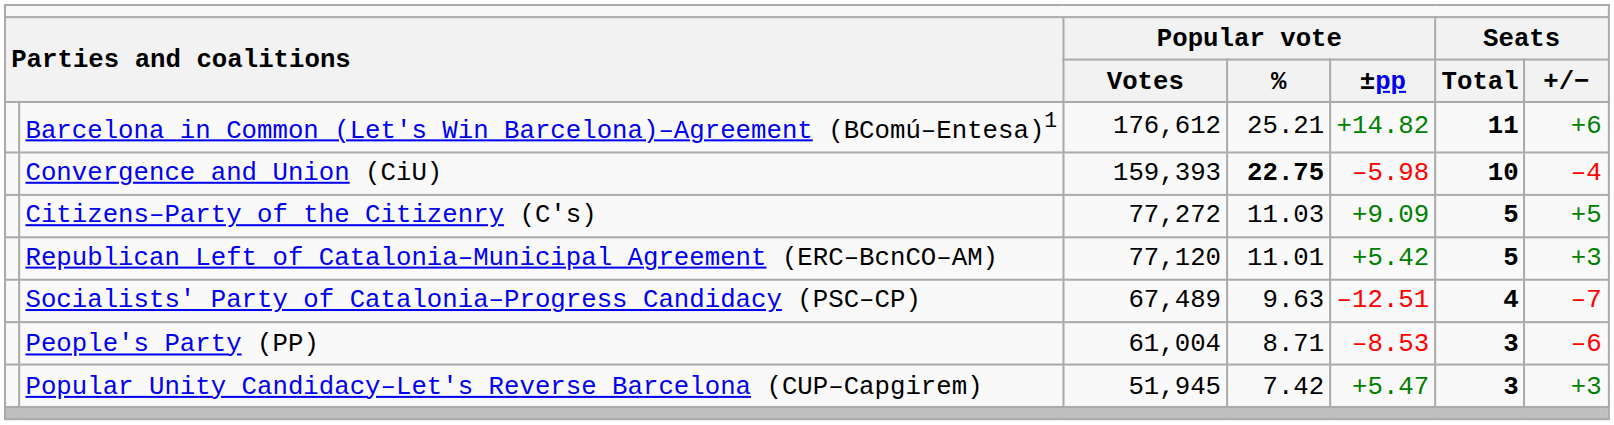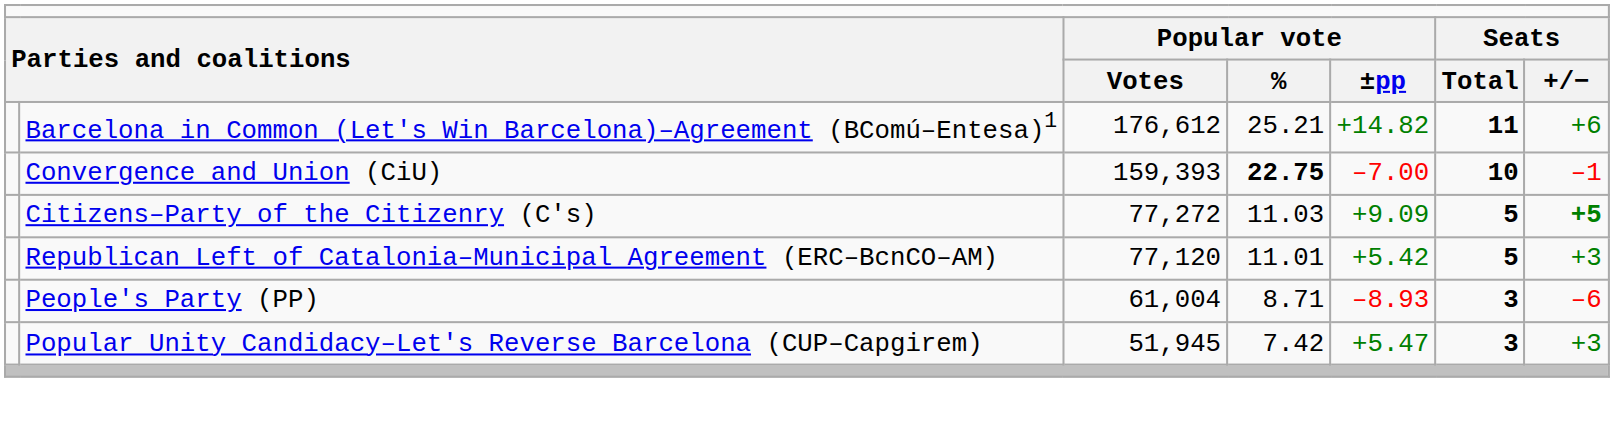 <table class="wikitable" style="text-align:right; font-size:98%; margin-bottom:0">
 <tr>
 <td colspan="7"></td>
 </tr>
 <tr>
 <th style="text-align:left;" rowspan="2" colspan="2" width="500">Parties and coalitions</th>
 <th colspan="3">Popular vote</th>
 <th colspan="2">Seats</th>
 </tr>
 <tr>
 <th width="75">Votes</th>
 <th width="45">%</th>
 <th width="45">±<a href='#'>pp</a></th>
 <th width="35">Total</th>
 <th width="35">+/−</th>
 </tr>
 <tr>
 <td width="1" style="color:inherit;background:"></td>
 <td align="left"><a href='#'>Barcelona in Common (Let's Win Barcelona)–Agreement</a> (BComú–Entesa)<sup>1</sup></td>
 <td>176,612</td>
 <td>25.21</td>
 <td style="color:green;">+14.82</td>
 <td><strong>11</strong></td>
 <td style="color:green;">+6</td>
 </tr>
 <tr>
 <td style="color:inherit;background:"></td>
 <td align="left"><a href='#'>Convergence and Union</a> (CiU)</td>
 <td>159,393</td>
 <td><strong>22.75</strong></td>
-<td style="color:red;">–5.98</td>
+<td style="color:red;">–7.00</td>
 <td><strong>10</strong></td>
-<td style="color:red;">–4</td>
+<td style="color:red;">–1</td>
 </tr>
 <tr>
 <td style="color:inherit;background:"></td>
 <td align="left"><a href='#'>Citizens–Party of the Citizenry</a> (C's)</td>
 <td>77,272</td>
 <td>11.03</td>
 <td style="color:green;">+9.09</td>
 <td><strong>5</strong></td>
-<td style="color:green;">+5</td>
+<td style="color:green;"><strong>+5</strong></td>
 </tr>
 <tr>
 <td style="color:inherit;background:"></td>
 <td align="left"><a href='#'>Republican Left of Catalonia–Municipal Agreement</a> (ERC–BcnCO–AM)</td>
 <td>77,120</td>
 <td>11.01</td>
 <td style="color:green;">+5.42</td>
 <td><strong>5</strong></td>
 <td style="color:green;">+3</td>
 </tr>
 <tr>
 <td style="color:inherit;background:"></td>
-<td align="left"><a href='#'>Socialists' Party of Catalonia–Progress Candidacy</a> (PSC–CP)</td>
-<td>67,489</td>
-<td>9.63</td>
-<td style="color:red;">–12.51</td>
-<td><strong>4</strong></td>
-<td style="color:red;">–7</td>
-</tr>
-<tr>
-<td style="color:inherit;background:"></td>
 <td align="left"><a href='#'>People's Party</a> (PP)</td>
 <td>61,004</td>
 <td>8.71</td>
-<td style="color:red;">–8.53</td>
+<td style="color:red;">–8.93</td>
 <td><strong>3</strong></td>
 <td style="color:red;">–6</td>
 </tr>
 <tr>
 <td style="color:inherit;background:"></td>
 <td align="left"><a href='#'>Popular Unity Candidacy–Let's Reverse Barcelona</a> (CUP–Capgirem)</td>
 <td>51,945</td>
 <td>7.42</td>
 <td style="color:green;">+5.47</td>
 <td><strong>3</strong></td>
 <td style="color:green;">+3</td>
 </tr>
 <tr>
 <td colspan="7" bgcolor="#C0C0C0"></td>
 </tr>
 </table>
